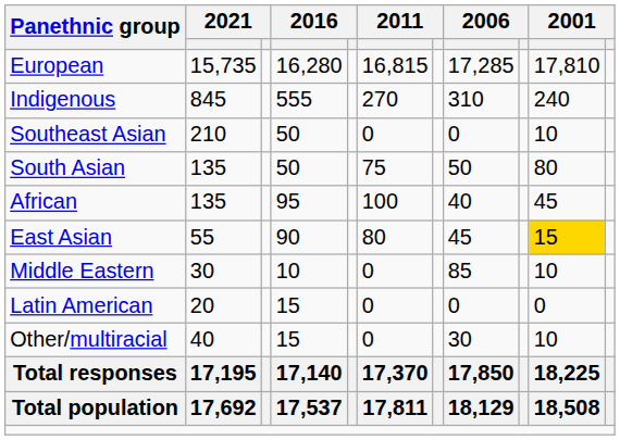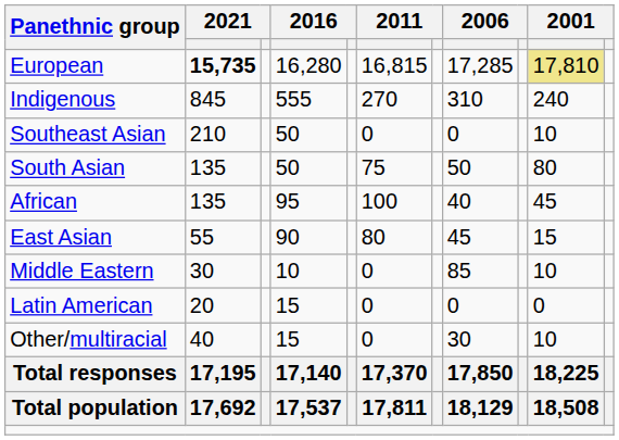 <table class="wikitable collapsible sortable">
 <tr>
 <th rowspan="2"><a href='#'>Panethnic</a> group</th>
 <th colspan="2">2021</th>
 <th colspan="2">2016</th>
 <th colspan="2">2011</th>
 <th colspan="2">2006</th>
 <th colspan="2">2001</th>
 </tr>
 <tr>
 <th><a href='#'></a></th>
 <th></th>
 <th></th>
 <th></th>
 <th></th>
 <th></th>
 <th></th>
 <th></th>
 <th></th>
 <th></th>
 </tr>
 <tr>
 <td><a href='#'>European</a></td>
-<td>15,735</td>
+<td><strong>15,735</strong></td>
 <td></td>
 <td>16,280</td>
 <td></td>
 <td>16,815</td>
 <td></td>
 <td>17,285</td>
 <td></td>
-<td>17,810</td>
+<td style="background: khaki;">17,810</td>
 <td></td>
 </tr>
 <tr>
 <td><a href='#'>Indigenous</a></td>
 <td>845</td>
 <td></td>
 <td>555</td>
 <td></td>
 <td>270</td>
 <td></td>
 <td>310</td>
 <td></td>
 <td>240</td>
 <td></td>
 </tr>
 <tr>
 <td><a href='#'>Southeast Asian</a></td>
 <td>210</td>
 <td></td>
 <td>50</td>
 <td></td>
 <td>0</td>
 <td></td>
 <td>0</td>
 <td></td>
 <td>10</td>
 <td></td>
 </tr>
 <tr>
 <td><a href='#'>South Asian</a></td>
 <td>135</td>
 <td></td>
 <td>50</td>
 <td></td>
 <td>75</td>
 <td></td>
 <td>50</td>
 <td></td>
 <td>80</td>
 <td></td>
 </tr>
 <tr>
 <td><a href='#'>African</a></td>
 <td>135</td>
 <td></td>
 <td>95</td>
 <td></td>
 <td>100</td>
 <td></td>
 <td>40</td>
 <td></td>
 <td>45</td>
 <td></td>
 </tr>
 <tr>
 <td><a href='#'>East Asian</a></td>
 <td>55</td>
 <td></td>
 <td>90</td>
 <td></td>
 <td>80</td>
 <td></td>
 <td>45</td>
 <td></td>
-<td style="background: gold;">15</td>
+<td>15</td>
 <td></td>
 </tr>
 <tr>
 <td><a href='#'>Middle Eastern</a></td>
 <td>30</td>
 <td></td>
 <td>10</td>
 <td></td>
 <td>0</td>
 <td></td>
 <td>85</td>
 <td></td>
 <td>10</td>
 <td></td>
 </tr>
 <tr>
 <td><a href='#'>Latin American</a></td>
 <td>20</td>
 <td></td>
 <td>15</td>
 <td></td>
 <td>0</td>
 <td></td>
 <td>0</td>
 <td></td>
 <td>0</td>
 <td></td>
 </tr>
 <tr>
 <td>Other/<a href='#'>multiracial</a></td>
 <td>40</td>
 <td></td>
 <td>15</td>
 <td></td>
 <td>0</td>
 <td></td>
 <td>30</td>
 <td></td>
 <td>10</td>
 <td></td>
 </tr>
 <tr>
 <th>Total responses</th>
 <th>17,195</th>
 <th></th>
 <th>17,140</th>
 <th></th>
 <th>17,370</th>
 <th></th>
 <th>17,850</th>
 <th></th>
 <th>18,225</th>
 <th></th>
 </tr>
 <tr class="sortbottom">
 <th>Total population</th>
 <th>17,692</th>
 <th></th>
 <th>17,537</th>
 <th></th>
 <th>17,811</th>
 <th></th>
 <th>18,129</th>
 <th></th>
 <th>18,508</th>
 <th></th>
 </tr>
 <tr class="sortbottom">
 <td colspan="11"></td>
 </tr>
 </table>
